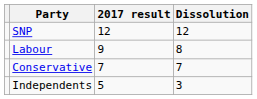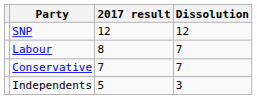 <table class="wikitable">
 <tr>
 <th></th>
 <th>Party</th>
 <th>2017 result</th>
 <th>Dissolution</th>
 </tr>
 <tr>
 <td style="background:"></td>
 <td><a href='#'>SNP</a></td>
 <td>12</td>
 <td>12</td>
 </tr>
 <tr>
 <td style="background:"></td>
 <td><a href='#'>Labour</a></td>
-<td>9</td>
 <td>8</td>
+<td>7</td>
 </tr>
 <tr>
 <td style="background:"></td>
 <td><a href='#'>Conservative</a></td>
 <td>7</td>
 <td>7</td>
 </tr>
 <tr>
 <td style="background:"></td>
 <td>Independents</td>
 <td>5</td>
 <td>3</td>
 </tr>
 </table>
